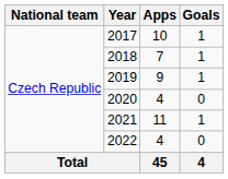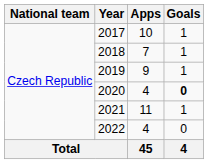 <table class="wikitable" style="text-align:center">
 <tr>
 <th>National team</th>
 <th>Year</th>
 <th>Apps</th>
 <th>Goals</th>
 </tr>
 <tr>
 <td rowspan="6"><a href='#'>Czech Republic</a></td>
 <td>2017</td>
 <td>10</td>
 <td>1</td>
 </tr>
 <tr>
 <td>2018</td>
 <td>7</td>
 <td>1</td>
 </tr>
 <tr>
 <td>2019</td>
 <td>9</td>
 <td>1</td>
 </tr>
 <tr>
 <td>2020</td>
 <td>4</td>
-<td>0</td>
+<td><strong>0</strong></td>
 </tr>
 <tr>
 <td>2021</td>
 <td>11</td>
 <td>1</td>
 </tr>
 <tr>
 <td>2022</td>
 <td>4</td>
 <td>0</td>
 </tr>
 <tr>
 <th colspan="2">Total</th>
 <th>45</th>
 <th>4</th>
 </tr>
 </table>
